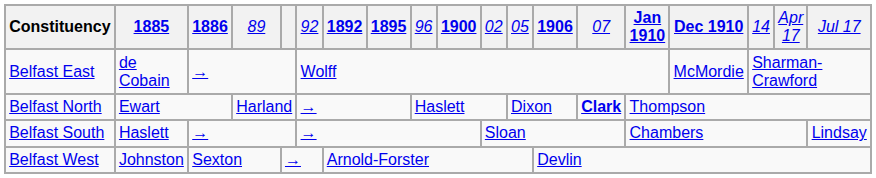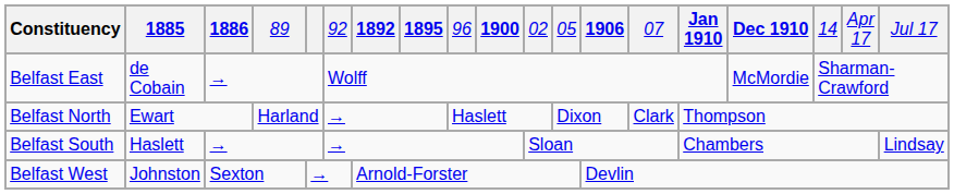 <table class="wikitable" style="border-collapse: separate; border-spacing: 0;">
 <tr>
 <th>Constituency</th>
 <th><a href='#'>1885</a></th>
 <th><a href='#'>1886</a></th>
 <th style="font-weight: normal;"><em><a href='#'>89</a></em></th>
 <th style="font-weight: normal;"><em></em></th>
 <th style="font-weight: normal;"><em><a href='#'>92</a></em></th>
 <th><a href='#'>1892</a></th>
 <th><a href='#'>1895</a></th>
 <th style="font-weight: normal;"><em><a href='#'>96</a></em></th>
 <th><a href='#'>1900</a></th>
 <th style="font-weight: normal;"><em><a href='#'>02</a></em></th>
 <th style="font-weight: normal;"><em><a href='#'>05</a></em></th>
 <th><a href='#'>1906</a></th>
 <th style="font-weight: normal;"><em><a href='#'>07</a></em></th>
 <th><a href='#'>Jan 1910</a></th>
 <th><a href='#'>Dec 1910</a></th>
 <th style="font-weight: normal;"><em><a href='#'>14</a></em></th>
 <th style="font-weight: normal;"><em><a href='#'>Apr 17</a></em></th>
 <th style="font-weight: normal;"><em><a href='#'>Jul 17</a></em></th>
 </tr>
 <tr>
 <td><a href='#'>Belfast East</a></td>
 <td><a href='#'>de Cobain</a></td>
 <td colspan="3"><a href='#'>→</a></td>
 <td colspan="10"><a href='#'>Wolff</a></td>
 <td><a href='#'>McMordie</a></td>
 <td colspan="3"><a href='#'>Sharman-Crawford</a></td>
 </tr>
 <tr>
 <td><a href='#'>Belfast North</a></td>
 <td colspan="2"><a href='#'>Ewart</a></td>
 <td colspan="2"><a href='#'>Harland</a></td>
 <td colspan="3"><a href='#'>→</a></td>
 <td colspan="3"><a href='#'>Haslett</a></td>
 <td colspan="2"><a href='#'>Dixon</a></td>
-<td><strong><a href='#'>Clark</a></strong></td>
+<td><a href='#'>Clark</a></td>
 <td colspan="5"><a href='#'>Thompson</a></td>
 </tr>
 <tr>
 <td><a href='#'>Belfast South</a></td>
 <td><a href='#'>Haslett</a></td>
 <td colspan="3"><a href='#'>→</a></td>
 <td colspan="5"><a href='#'>→</a></td>
 <td colspan="4"><a href='#'>Sloan</a></td>
 <td colspan="4"><a href='#'>Chambers</a></td>
 <td><a href='#'>Lindsay</a></td>
 </tr>
 <tr>
 <td><a href='#'>Belfast West</a></td>
 <td><a href='#'>Johnston</a></td>
 <td colspan="2"><a href='#'>Sexton</a></td>
 <td colspan="2"><a href='#'>→</a></td>
 <td colspan="6"><a href='#'>Arnold-Forster</a></td>
 <td colspan="7"><a href='#'>Devlin</a></td>
 </tr>
 </table>
